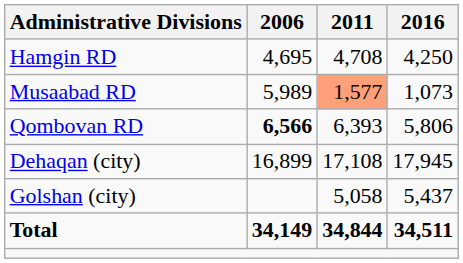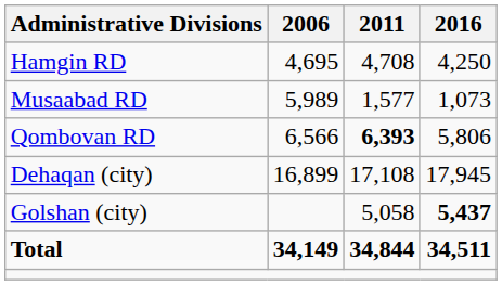 <table class="wikitable">
 <tr>
 <th>Administrative Divisions</th>
 <th>2006</th>
 <th>2011</th>
 <th>2016</th>
 </tr>
 <tr>
 <td><a href='#'>Hamgin RD</a></td>
 <td style="text-align: right;">4,695</td>
 <td style="text-align: right;">4,708</td>
 <td style="text-align: right;">4,250</td>
 </tr>
 <tr>
 <td><a href='#'>Musaabad RD</a></td>
 <td style="text-align: right;">5,989</td>
-<td style="background: lightsalmon; text-align: right;">1,577</td>
+<td style="text-align: right;">1,577</td>
 <td style="text-align: right;">1,073</td>
 </tr>
 <tr>
 <td><a href='#'>Qombovan RD</a></td>
-<td style="text-align: right;"><strong>6,566</strong></td>
-<td style="text-align: right;">6,393</td>
+<td style="text-align: right;">6,566</td>
+<td style="text-align: right;"><strong>6,393</strong></td>
 <td style="text-align: right;">5,806</td>
 </tr>
 <tr>
 <td><a href='#'>Dehaqan</a> (city)</td>
 <td style="text-align: right;">16,899</td>
 <td style="text-align: right;">17,108</td>
 <td style="text-align: right;">17,945</td>
 </tr>
 <tr>
 <td><a href='#'>Golshan</a> (city)</td>
 <td style="text-align: right;"></td>
 <td style="text-align: right;">5,058</td>
-<td style="text-align: right;">5,437</td>
+<td style="text-align: right;"><strong>5,437</strong></td>
 </tr>
 <tr>
 <td><strong>Total</strong></td>
 <td style="text-align: right;"><strong>34,149</strong></td>
 <td style="text-align: right;"><strong>34,844</strong></td>
 <td style="text-align: right;"><strong>34,511</strong></td>
 </tr>
 <tr>
 <td colspan=4></td>
 </tr>
 </table>
